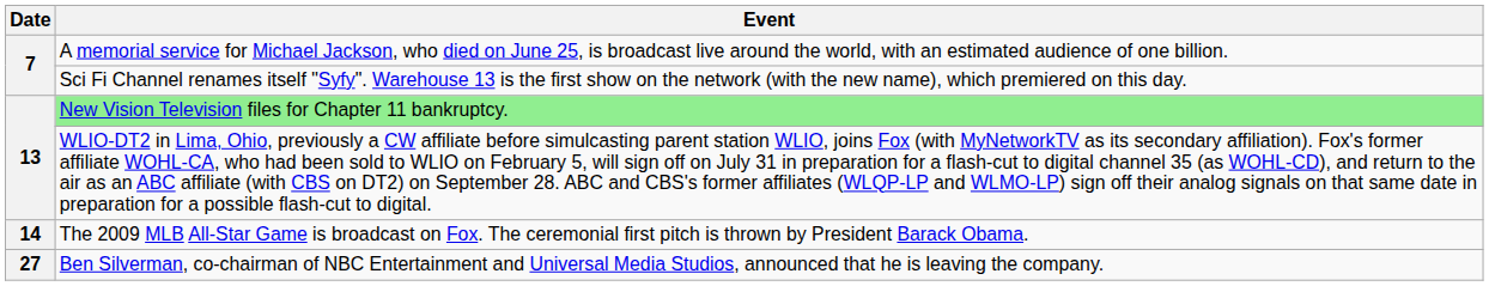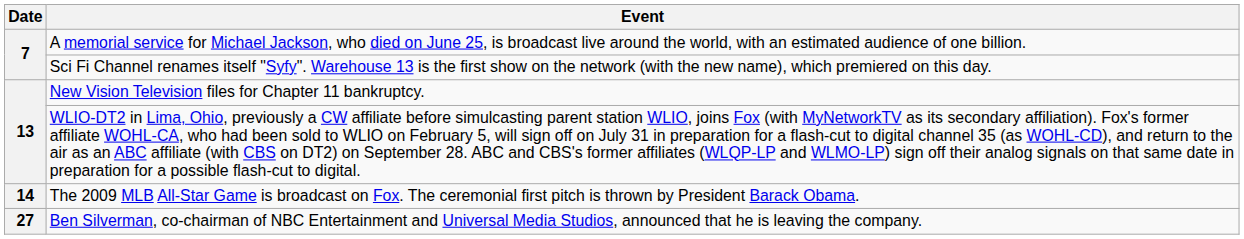 <table class="wikitable">
 <tr>
 <th>Date</th>
 <th>Event</th>
 </tr>
 <tr>
 <th rowspan="2">7</th>
 <td>A <a href='#'>memorial service</a> for <a href='#'>Michael Jackson</a>, who <a href='#'>died on June 25</a>, is broadcast live around the world, with an estimated audience of one billion.</td>
 </tr>
 <tr>
 <td>Sci Fi Channel renames itself "<a href='#'>Syfy</a>". <a href='#'>Warehouse 13</a> is the first show on the network (with the new name), which premiered on this day.</td>
 </tr>
 <tr>
 <th rowspan="2">13</th>
-<td style="background: lightgreen;"><a href='#'>New Vision Television</a> files for Chapter 11 bankruptcy.</td>
+<td><a href='#'>New Vision Television</a> files for Chapter 11 bankruptcy.</td>
 </tr>
 <tr>
 <td><a href='#'>WLIO-DT2</a> in <a href='#'>Lima, Ohio</a>, previously a <a href='#'>CW</a> affiliate before simulcasting parent station <a href='#'>WLIO</a>, joins <a href='#'>Fox</a> (with <a href='#'>MyNetworkTV</a> as its secondary affiliation). Fox's former affiliate <a href='#'>WOHL-CA</a>, who had been sold to WLIO on February 5, will sign off on July 31 in preparation for a flash-cut to digital channel 35 (as <a href='#'>WOHL-CD</a>), and return to the air as an <a href='#'>ABC</a> affiliate (with <a href='#'>CBS</a> on DT2) on September 28. ABC and CBS's former affiliates (<a href='#'>WLQP-LP</a> and <a href='#'>WLMO-LP</a>) sign off their analog signals on that same date in preparation for a possible flash-cut to digital.</td>
 </tr>
 <tr>
 <th>14</th>
 <td>The 2009 <a href='#'>MLB</a> <a href='#'>All-Star Game</a> is broadcast on <a href='#'>Fox</a>. The ceremonial first pitch is thrown by President <a href='#'>Barack Obama</a>.</td>
 </tr>
 <tr>
 <th>27</th>
 <td><a href='#'>Ben Silverman</a>, co-chairman of NBC Entertainment and <a href='#'>Universal Media Studios</a>, announced that he is leaving the company.</td>
 </tr>
 </table>
